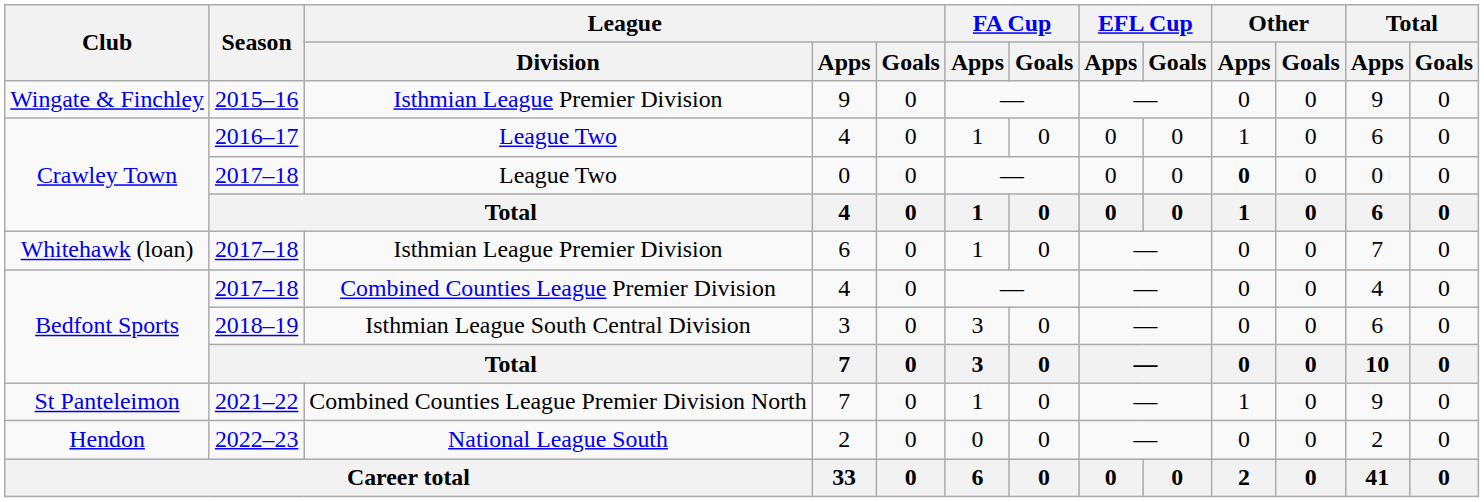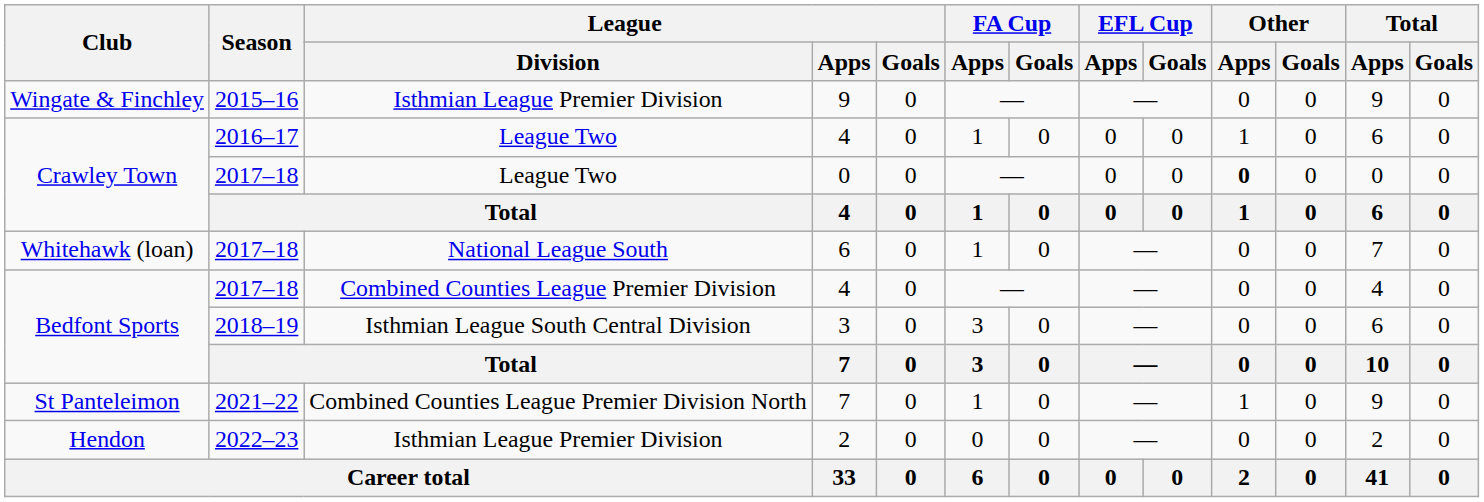 <table class="wikitable" style="text-align:center">
 <tr>
 <th rowspan="2">Club</th>
 <th rowspan="2">Season</th>
 <th colspan="3">League</th>
 <th colspan="2"><a href='#'>FA Cup</a></th>
 <th colspan="2"><a href='#'>EFL Cup</a></th>
 <th colspan="2">Other</th>
 <th colspan="2">Total</th>
 </tr>
 <tr>
 <th>Division</th>
 <th>Apps</th>
 <th>Goals</th>
 <th>Apps</th>
 <th>Goals</th>
 <th>Apps</th>
 <th>Goals</th>
 <th>Apps</th>
 <th>Goals</th>
 <th>Apps</th>
 <th>Goals</th>
 </tr>
 <tr>
 <td rowspan="1" valign="center"><a href='#'>Wingate & Finchley</a></td>
 <td><a href='#'>2015–16</a></td>
 <td><a href='#'>Isthmian League</a> Premier Division</td>
 <td>9</td>
 <td>0</td>
 <td colspan="2">—</td>
 <td colspan="2">—</td>
 <td>0</td>
 <td>0</td>
 <td>9</td>
 <td>0</td>
 </tr>
 <tr>
 <td rowspan="3" valign="center"><a href='#'>Crawley Town</a></td>
 <td><a href='#'>2016–17</a></td>
 <td><a href='#'>League Two</a></td>
 <td>4</td>
 <td>0</td>
 <td>1</td>
 <td>0</td>
 <td>0</td>
 <td>0</td>
 <td>1</td>
 <td>0</td>
 <td>6</td>
 <td>0</td>
 </tr>
 <tr>
 <td><a href='#'>2017–18</a></td>
 <td>League Two</td>
 <td>0</td>
 <td>0</td>
 <td colspan="2">—</td>
 <td>0</td>
 <td>0</td>
 <td><strong>0</strong></td>
 <td>0</td>
 <td>0</td>
 <td>0</td>
 </tr>
 <tr>
 <th colspan="2">Total</th>
 <th>4</th>
 <th>0</th>
 <th>1</th>
 <th>0</th>
 <th>0</th>
 <th>0</th>
 <th>1</th>
 <th>0</th>
 <th>6</th>
 <th>0</th>
 </tr>
 <tr>
 <td rowspan="1" valign="center"><a href='#'>Whitehawk</a> (loan)</td>
 <td><a href='#'>2017–18</a></td>
-<td>Isthmian League Premier Division</td>
+<td><a href='#'>National League South</a></td>
 <td>6</td>
 <td>0</td>
 <td>1</td>
 <td>0</td>
 <td colspan="2">—</td>
 <td>0</td>
 <td>0</td>
 <td>7</td>
 <td>0</td>
 </tr>
 <tr>
 <td rowspan="3" valign="center"><a href='#'>Bedfont Sports</a></td>
 <td><a href='#'>2017–18</a></td>
 <td><a href='#'>Combined Counties League</a> Premier Division</td>
 <td>4</td>
 <td>0</td>
 <td colspan="2">—</td>
 <td colspan="2">—</td>
 <td>0</td>
 <td>0</td>
 <td>4</td>
 <td>0</td>
 </tr>
 <tr>
 <td><a href='#'>2018–19</a></td>
 <td>Isthmian League South Central Division</td>
 <td>3</td>
 <td>0</td>
 <td>3</td>
 <td>0</td>
 <td colspan="2">—</td>
 <td>0</td>
 <td>0</td>
 <td>6</td>
 <td>0</td>
 </tr>
 <tr>
 <th colspan="2">Total</th>
 <th>7</th>
 <th>0</th>
 <th>3</th>
 <th>0</th>
 <th colspan="2">—</th>
 <th>0</th>
 <th>0</th>
 <th>10</th>
 <th>0</th>
 </tr>
 <tr>
 <td rowspan="1" valign="center"><a href='#'>St Panteleimon</a></td>
 <td><a href='#'>2021–22</a></td>
 <td>Combined Counties League Premier Division North</td>
 <td>7</td>
 <td>0</td>
 <td>1</td>
 <td>0</td>
 <td colspan="2">—</td>
 <td>1</td>
 <td>0</td>
 <td>9</td>
 <td>0</td>
 </tr>
 <tr>
 <td rowspan="1" valign="center"><a href='#'>Hendon</a></td>
 <td><a href='#'>2022–23</a></td>
-<td><a href='#'>National League South</a></td>
+<td>Isthmian League Premier Division</td>
 <td>2</td>
 <td>0</td>
 <td>0</td>
 <td>0</td>
 <td colspan="2">—</td>
 <td>0</td>
 <td>0</td>
 <td>2</td>
 <td>0</td>
 </tr>
 <tr>
 <th colspan="3">Career total</th>
 <th>33</th>
 <th>0</th>
 <th>6</th>
 <th>0</th>
 <th>0</th>
 <th>0</th>
 <th>2</th>
 <th>0</th>
 <th>41</th>
 <th>0</th>
 </tr>
 </table>
